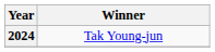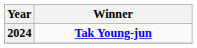 <table class="wikitable plainrowheaders" style="text-align:center">
 <tr>
 <th scope="col">Year</th>
 <th scope="col" width="200">Winner</th>
 </tr>
 <tr>
 <th scope="row">2024</th>
-<td><a href='#'>Tak Young-jun</a></td>
+<td><strong><a href='#'>Tak Young-jun</a></strong></td>
 </tr>
 <tr>
 </tr>
 </table>
